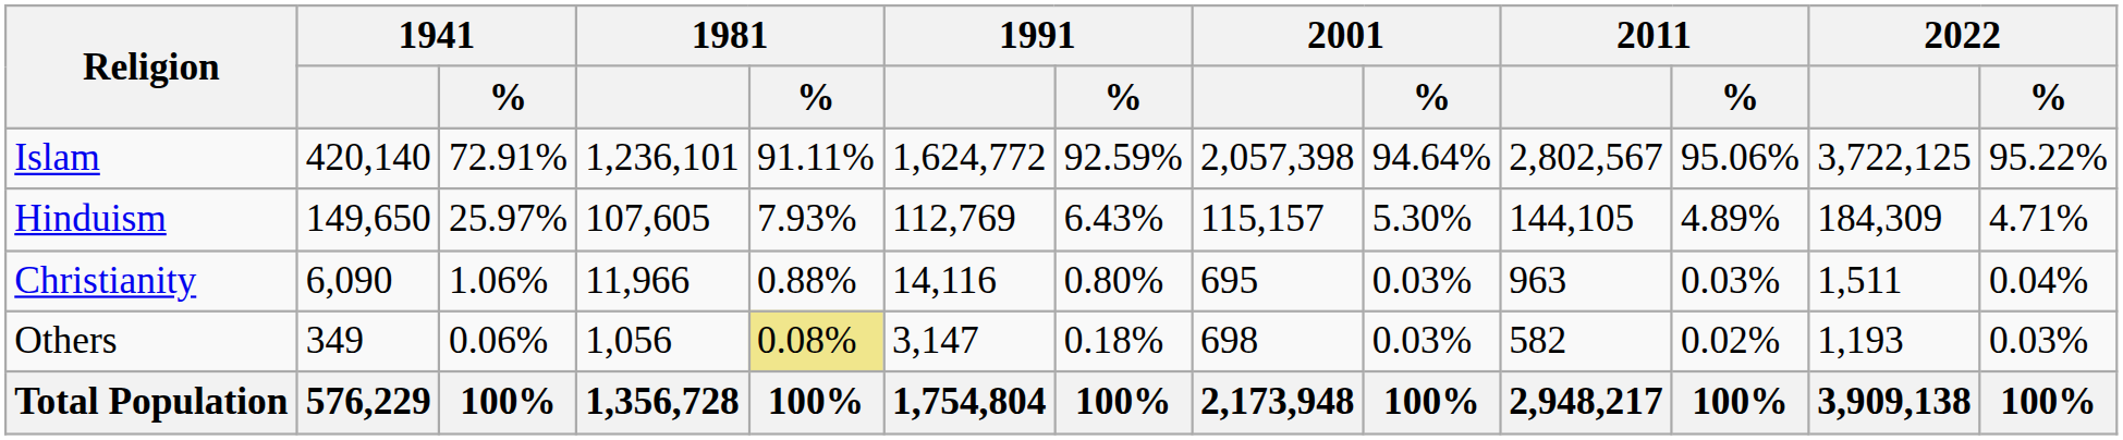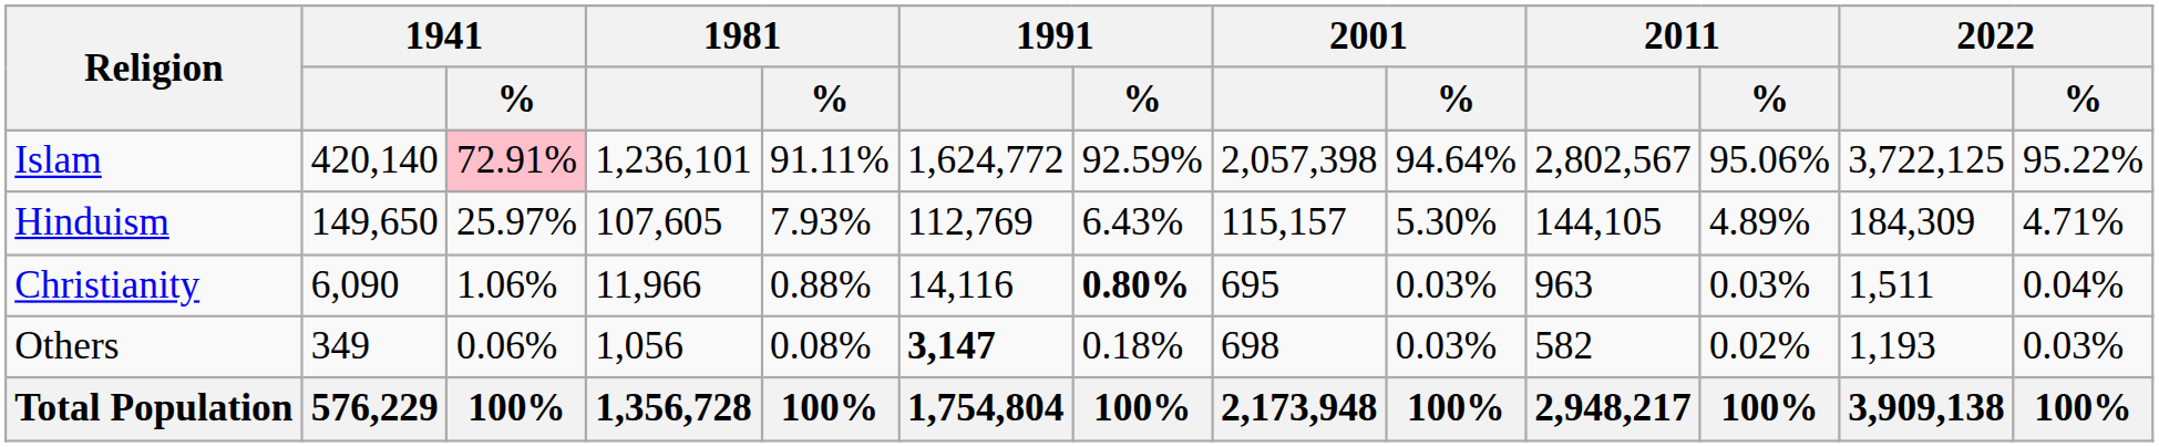 <table class="wikitable sortable">
 <tr>
 <th rowspan="2">Religion</th>
 <th colspan="2">1941</th>
 <th colspan="2">1981</th>
 <th colspan="2">1991</th>
 <th colspan="2">2001</th>
 <th colspan="2">2011</th>
 <th colspan="2">2022</th>
 </tr>
 <tr>
 <th></th>
 <th>%</th>
 <th></th>
 <th>%</th>
 <th></th>
 <th>%</th>
 <th></th>
 <th>%</th>
 <th></th>
 <th>%</th>
 <th></th>
 <th>%</th>
 </tr>
 <tr>
 <td><a href='#'>Islam</a> </td>
 <td>420,140</td>
-<td>72.91%</td>
+<td style="background: pink;">72.91%</td>
 <td>1,236,101</td>
 <td>91.11%</td>
 <td>1,624,772</td>
 <td>92.59%</td>
 <td>2,057,398</td>
 <td>94.64%</td>
 <td>2,802,567</td>
 <td>95.06%</td>
 <td>3,722,125</td>
 <td>95.22%</td>
 </tr>
 <tr>
 <td><a href='#'>Hinduism</a> </td>
 <td>149,650</td>
 <td>25.97%</td>
 <td>107,605</td>
 <td>7.93%</td>
 <td>112,769</td>
 <td>6.43%</td>
 <td>115,157</td>
 <td>5.30%</td>
 <td>144,105</td>
 <td>4.89%</td>
 <td>184,309</td>
 <td>4.71%</td>
 </tr>
 <tr>
 <td><a href='#'>Christianity</a> </td>
 <td>6,090</td>
 <td>1.06%</td>
 <td>11,966</td>
 <td>0.88%</td>
 <td>14,116</td>
-<td>0.80%</td>
+<td><strong>0.80%</strong></td>
 <td>695</td>
 <td>0.03%</td>
 <td>963</td>
 <td>0.03%</td>
 <td>1,511</td>
 <td>0.04%</td>
 </tr>
 <tr>
 <td>Others</td>
 <td>349</td>
 <td>0.06%</td>
 <td>1,056</td>
-<td style="background: khaki;">0.08%</td>
-<td>3,147</td>
+<td>0.08%</td>
+<td><strong>3,147</strong></td>
 <td>0.18%</td>
 <td>698</td>
 <td>0.03%</td>
 <td>582</td>
 <td>0.02%</td>
 <td>1,193</td>
 <td>0.03%</td>
 </tr>
 <tr>
 <th>Total Population</th>
 <th>576,229</th>
 <th>100%</th>
 <th><strong>1,356,728</strong></th>
 <th>100%</th>
 <th>1,754,804</th>
 <th>100%</th>
 <th>2,173,948</th>
 <th>100%</th>
 <th>2,948,217</th>
 <th>100%</th>
 <th>3,909,138</th>
 <th>100%</th>
 </tr>
 </table>
